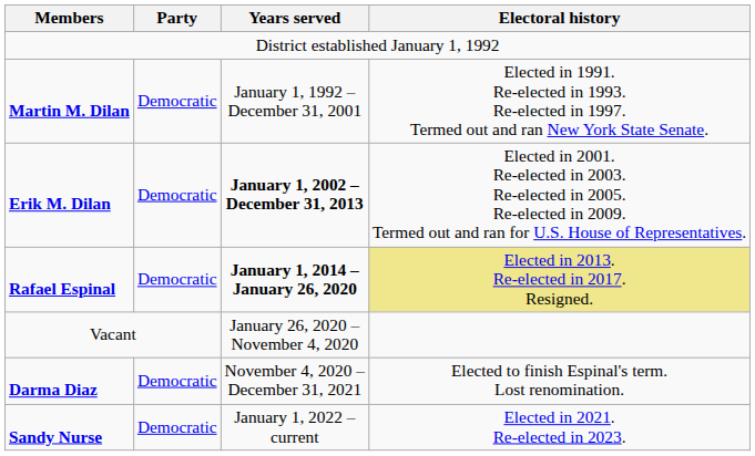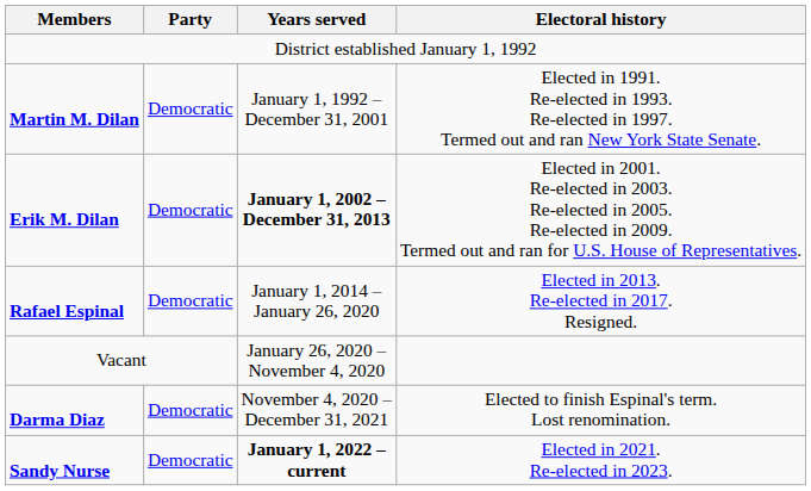 <table class=wikitable style="text-align:center">
 <tr>
 <th>Members</th>
 <th>Party</th>
 <th>Years served</th>
 <th>Electoral history</th>
 </tr>
 <tr>
 <td colspan=5>District established January 1, 1992</td>
 </tr>
 <tr>
 <td align=left><br><strong><a href='#'>Martin M. Dilan</a></strong><br></td>
 <td><a href='#'>Democratic</a></td>
 <td>January 1, 1992 – <br> December 31, 2001</td>
 <td>Elected in 1991. <br> Re-elected in 1993. <br> Re-elected in 1997. <br> Termed out and ran <a href='#'>New York State Senate</a>.</td>
 </tr>
 <tr>
 <td align=left><br><strong><a href='#'>Erik M. Dilan</a></strong><br></td>
 <td><a href='#'>Democratic</a></td>
 <td><strong>January 1, 2002 – <br> December 31, 2013</strong></td>
 <td>Elected in 2001. <br> Re-elected in 2003. <br> Re-elected in 2005. <br> Re-elected in 2009. <br> Termed out and ran for <a href='#'>U.S. House of Representatives</a>.</td>
 </tr>
 <tr>
 <td align=left><br><strong><a href='#'>Rafael Espinal</a></strong><br></td>
 <td><a href='#'>Democratic</a></td>
-<td><strong>January 1, 2014 – <br> January 26, 2020</strong></td>
-<td style="background: khaki;"><a href='#'>Elected in 2013</a>. <br> <a href='#'>Re-elected in 2017</a>. <br> Resigned.</td>
+<td>January 1, 2014 – <br> January 26, 2020</td>
+<td><a href='#'>Elected in 2013</a>. <br> <a href='#'>Re-elected in 2017</a>. <br> Resigned.</td>
 </tr>
 <tr>
 <td colspan=2>Vacant</td>
 <td>January 26, 2020 – <br> November 4, 2020</td>
 <td></td>
 </tr>
 <tr>
 <td align=left><br><strong><a href='#'>Darma Diaz</a></strong><br></td>
 <td><a href='#'>Democratic</a></td>
 <td>November 4, 2020 – <br> December 31, 2021</td>
 <td>Elected to finish Espinal's term. <br> Lost renomination.</td>
 </tr>
 <tr>
 <td align=left><br><strong><a href='#'>Sandy Nurse</a></strong><br></td>
 <td><a href='#'>Democratic</a></td>
-<td>January 1, 2022 – <br> current</td>
+<td><strong>January 1, 2022 – <br> current</strong></td>
 <td><a href='#'>Elected in 2021</a>. <br> <a href='#'>Re-elected in 2023</a>.</td>
 </tr>
 </table>
